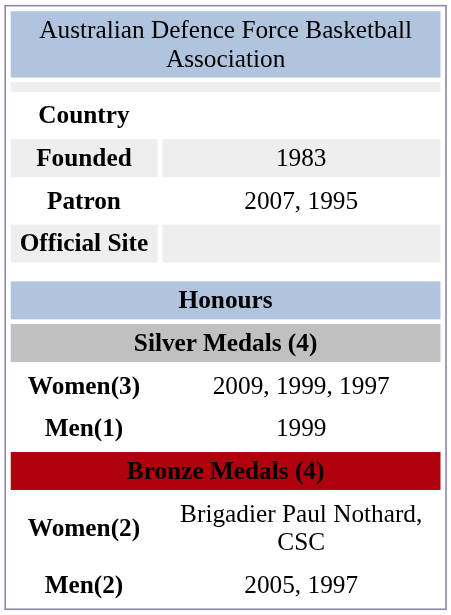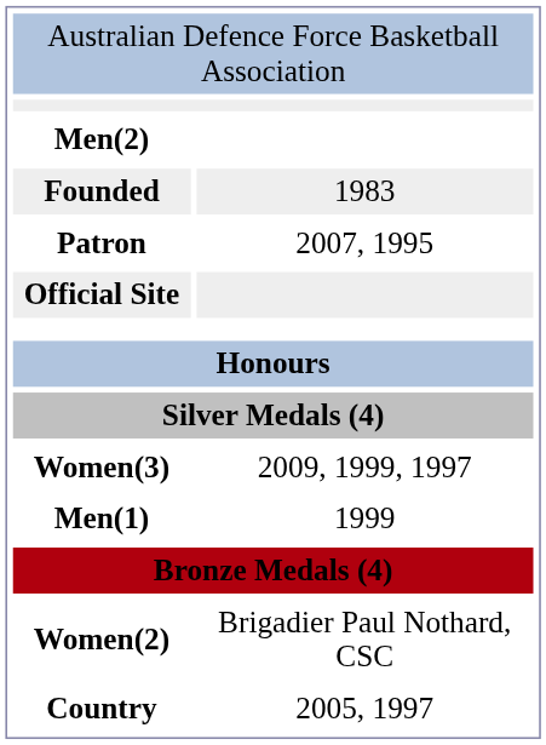 <table style="margin:5px; border:1px solid #8888AA;" align=right cellpadding=3 cellspacing=3 width=280>
 <tr align="center" bgcolor=lightsteelblue>
 <td colspan=2 align="center">Australian Defence Force Basketball Association</td>
 </tr>
 <tr align="center" bgcolor="#eeeeee" |>
 <td colspan=2 align="center"></td>
 </tr>
 <tr align="center">
-<td><strong>Country</strong></td>
+<td><strong>Men(2)</strong></td>
 <td></td>
 </tr>
 <tr align="center" bgcolor="#eeeeee">
 <td><strong>Founded</strong></td>
 <td>1983</td>
 </tr>
 <tr align="center">
 <td><strong>Patron</strong></td>
 <td>2007, 1995</td>
 </tr>
 <tr align="center" bgcolor="#eeeeee">
 <td><strong>Official Site</strong></td>
 <td></td>
 </tr>
 <tr align="center">
 <td colspan=2 align="center"></td>
 </tr>
 <tr align="center" bgcolor=lightsteelblue>
 <td colspan=2 align="center"><strong>Honours</strong></td>
 </tr>
 <tr align="center" bgcolor=silver>
 <td colspan=2><strong>Silver Medals (4)</strong></td>
 </tr>
 <tr align="center">
 <td><strong>Women(3)</strong></td>
 <td>2009, 1999, 1997</td>
 </tr>
 <tr align="center">
 <td><strong>Men(1)</strong></td>
 <td>1999</td>
 </tr>
 <tr align="center" bgcolor=bronze>
 <td colspan=2><strong>Bronze Medals (4)</strong></td>
 </tr>
 <tr align="center">
 <td><strong>Women(2)</strong></td>
 <td>Brigadier Paul Nothard, CSC</td>
 </tr>
 <tr align="center">
-<td><strong>Men(2)</strong></td>
+<td><strong>Country</strong></td>
 <td>2005, 1997</td>
 </tr>
 </table>
